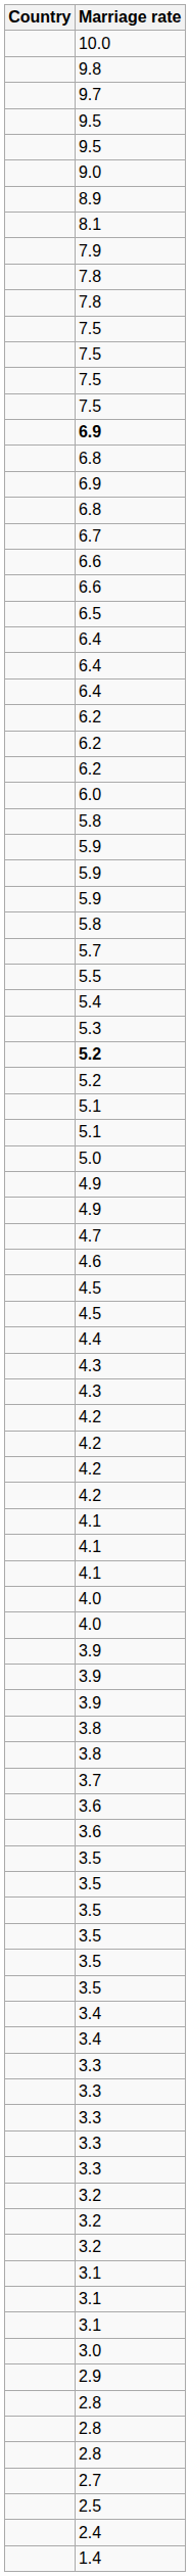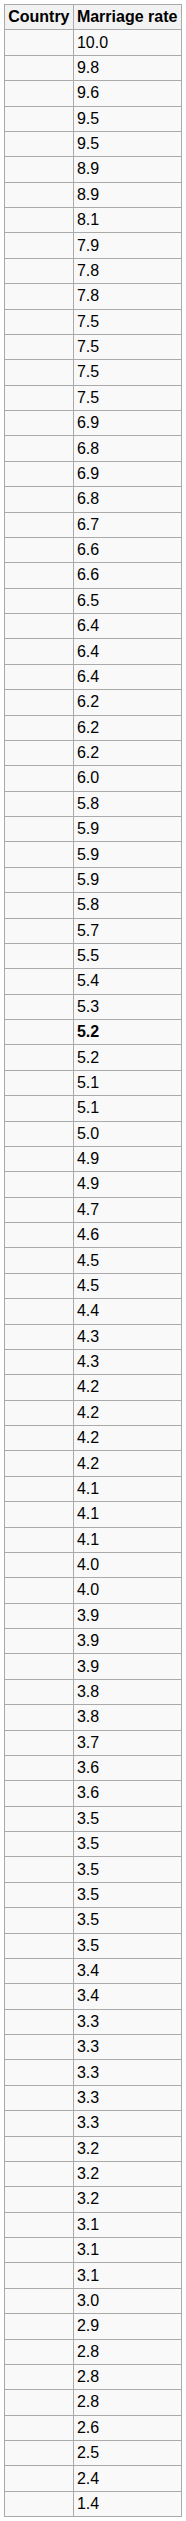 <table class="wikitable sortable mw-datatable static-row-numbers col2right">
 <tr>
 <th>Country</th>
 <th>Marriage rate</th>
 </tr>
 <tr class=static-row-number>
 <td></td>
 <td>10.0</td>
 </tr>
 <tr>
 <td></td>
 <td>9.8</td>
 </tr>
 <tr>
 <td></td>
-<td>9.7</td>
+<td>9.6</td>
 </tr>
 <tr>
 <td></td>
 <td>9.5</td>
 </tr>
 <tr>
 <td></td>
 <td>9.5</td>
 </tr>
 <tr>
 <td></td>
-<td>9.0</td>
+<td>8.9</td>
 </tr>
 <tr>
 <td></td>
 <td>8.9</td>
 </tr>
 <tr>
 <td></td>
 <td>8.1</td>
 </tr>
 <tr>
 <td></td>
 <td>7.9</td>
 </tr>
 <tr>
 <td></td>
 <td>7.8</td>
 </tr>
 <tr>
 <td></td>
 <td>7.8</td>
 </tr>
 <tr>
 <td></td>
 <td>7.5</td>
 </tr>
 <tr>
 <td></td>
 <td>7.5</td>
 </tr>
 <tr>
 <td></td>
 <td>7.5</td>
 </tr>
 <tr>
 <td></td>
 <td>7.5</td>
 </tr>
 <tr>
 <td></td>
-<td><strong>6.9</strong></td>
+<td>6.9</td>
 </tr>
 <tr>
 <td></td>
 <td>6.8</td>
 </tr>
 <tr>
 <td></td>
 <td>6.9</td>
 </tr>
 <tr>
 <td></td>
 <td>6.8</td>
 </tr>
 <tr>
 <td></td>
 <td>6.7</td>
 </tr>
 <tr>
 <td></td>
 <td>6.6</td>
 </tr>
 <tr>
 <td></td>
 <td>6.6</td>
 </tr>
 <tr>
 <td></td>
 <td>6.5</td>
 </tr>
 <tr>
 <td></td>
 <td>6.4</td>
 </tr>
 <tr>
 <td></td>
 <td>6.4</td>
 </tr>
 <tr>
 <td></td>
 <td>6.4</td>
 </tr>
 <tr>
 <td></td>
 <td>6.2</td>
 </tr>
 <tr>
 <td></td>
 <td>6.2</td>
 </tr>
 <tr>
 <td></td>
 <td>6.2</td>
 </tr>
 <tr>
 <td></td>
 <td>6.0</td>
 </tr>
 <tr>
 <td></td>
 <td>5.8</td>
 </tr>
 <tr>
 <td></td>
 <td>5.9</td>
 </tr>
 <tr>
 </tr>
 <tr>
 <td></td>
 <td>5.9</td>
 </tr>
 <tr>
 <td></td>
 <td>5.9</td>
 </tr>
 <tr>
 <td></td>
 <td>5.8</td>
 </tr>
 <tr>
 <td></td>
 <td>5.7</td>
 </tr>
 <tr>
 <td></td>
 <td>5.5</td>
 </tr>
 <tr>
 <td></td>
 <td>5.4</td>
 </tr>
 <tr>
 <td></td>
 <td>5.3</td>
 </tr>
 <tr>
 <td></td>
 <td><strong>5.2</strong></td>
 </tr>
 <tr>
 <td></td>
 <td>5.2</td>
 </tr>
 <tr>
 <td></td>
 <td>5.1</td>
 </tr>
 <tr>
 <td></td>
 <td>5.1</td>
 </tr>
 <tr>
 <td></td>
 <td>5.0</td>
 </tr>
 <tr>
 <td></td>
 <td>4.9</td>
 </tr>
 <tr>
 <td></td>
 <td>4.9</td>
 </tr>
 <tr>
 <td></td>
 <td>4.7</td>
 </tr>
 <tr>
 <td></td>
 <td>4.6</td>
 </tr>
 <tr>
 <td></td>
 <td>4.5</td>
 </tr>
 <tr>
 <td></td>
 <td>4.5</td>
 </tr>
 <tr>
 <td></td>
 <td>4.4</td>
 </tr>
 <tr>
 <td></td>
 <td>4.3</td>
 </tr>
 <tr>
 <td></td>
 <td>4.3</td>
 </tr>
 <tr>
 <td></td>
 <td>4.2</td>
 </tr>
 <tr>
 <td></td>
 <td>4.2</td>
 </tr>
 <tr>
 <td></td>
 <td>4.2</td>
 </tr>
 <tr>
 <td></td>
 <td>4.2</td>
 </tr>
 <tr>
 <td></td>
 <td>4.1</td>
 </tr>
 <tr>
 <td></td>
 <td>4.1</td>
 </tr>
 <tr>
 <td></td>
 <td>4.1</td>
 </tr>
 <tr>
 <td></td>
 <td>4.0</td>
 </tr>
 <tr>
 <td></td>
 <td>4.0</td>
 </tr>
 <tr>
 <td></td>
 <td>3.9</td>
 </tr>
 <tr>
 <td></td>
 <td>3.9</td>
 </tr>
 <tr>
 <td></td>
 <td>3.9</td>
 </tr>
 <tr>
 <td></td>
 <td>3.8</td>
 </tr>
 <tr>
 <td></td>
 <td>3.8</td>
 </tr>
 <tr>
 <td></td>
 <td>3.7</td>
 </tr>
 <tr>
 <td></td>
 <td>3.6</td>
 </tr>
 <tr>
 <td></td>
 <td>3.6</td>
 </tr>
 <tr>
 <td></td>
 <td>3.5</td>
 </tr>
 <tr>
 <td></td>
 <td>3.5</td>
 </tr>
 <tr>
 <td></td>
 <td>3.5</td>
 </tr>
 <tr>
 <td></td>
 <td>3.5</td>
 </tr>
 <tr>
 <td></td>
 <td>3.5</td>
 </tr>
 <tr>
 <td></td>
 <td>3.5</td>
 </tr>
 <tr>
 <td></td>
 <td>3.4</td>
 </tr>
 <tr>
 <td></td>
 <td>3.4</td>
 </tr>
 <tr>
 <td></td>
 <td>3.3</td>
 </tr>
 <tr>
 <td></td>
 <td>3.3</td>
 </tr>
 <tr>
 <td></td>
 <td>3.3</td>
 </tr>
 <tr>
 <td></td>
 <td>3.3</td>
 </tr>
 <tr>
 <td></td>
 <td>3.3</td>
 </tr>
 <tr>
 <td></td>
 <td>3.2</td>
 </tr>
 <tr>
 <td></td>
 <td>3.2</td>
 </tr>
 <tr>
 <td></td>
 <td>3.2</td>
 </tr>
 <tr>
 <td></td>
 <td>3.1</td>
 </tr>
 <tr>
 <td></td>
 <td>3.1</td>
 </tr>
 <tr>
 <td></td>
 <td>3.1</td>
 </tr>
 <tr>
 <td></td>
 <td>3.0</td>
 </tr>
 <tr>
 <td></td>
 <td>2.9</td>
 </tr>
 <tr>
 <td></td>
 <td>2.8</td>
 </tr>
 <tr>
 <td></td>
 <td>2.8</td>
 </tr>
 <tr>
 <td></td>
 <td>2.8</td>
 </tr>
 <tr>
 <td></td>
-<td>2.7</td>
+<td>2.6</td>
 </tr>
 <tr>
 <td></td>
 <td>2.5</td>
 </tr>
 <tr>
 <td></td>
 <td>2.4</td>
 </tr>
 <tr>
 <td></td>
 <td>1.4</td>
 </tr>
 </table>
